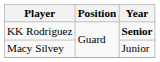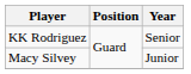 <table class="wikitable" border="1">
 <tr align=center>
 <th style= >Player</th>
 <th style= >Position</th>
 <th style= >Year</th>
 </tr>
 <tr>
 <td>KK Rodriguez</td>
 <td rowspan=2>Guard</td>
-<td><strong>Senior</strong></td>
+<td>Senior</td>
 </tr>
 <tr>
 <td>Macy Silvey</td>
 <td>Junior</td>
 </tr>
 <tr>
 </tr>
 </table>
